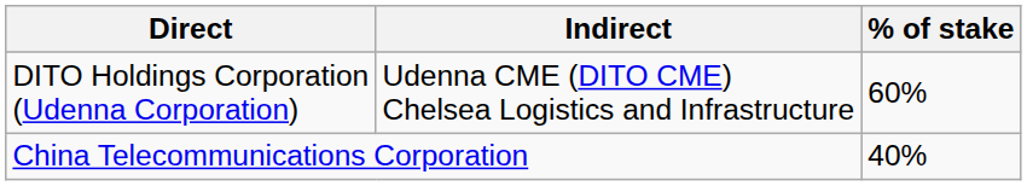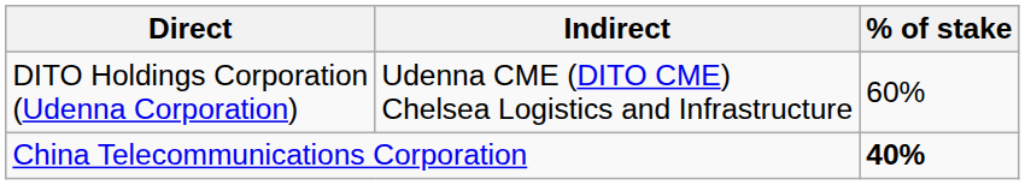 <table class="wikitable">
 <tr>
 <th>Direct</th>
 <th>Indirect</th>
 <th>% of stake</th>
 </tr>
 <tr>
 <td>DITO Holdings Corporation<br>(<a href='#'>Udenna Corporation</a>)</td>
 <td>Udenna CME (<a href='#'>DITO CME</a>)<br>Chelsea Logistics and Infrastructure</td>
 <td>60%</td>
 </tr>
 <tr>
 <td colspan=2><a href='#'>China Telecommunications Corporation</a></td>
-<td>40%</td>
+<td><strong>40%</strong></td>
 </tr>
 </table>
